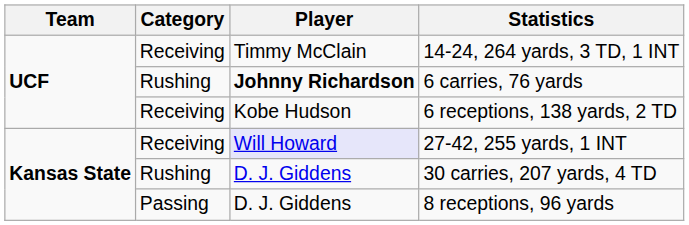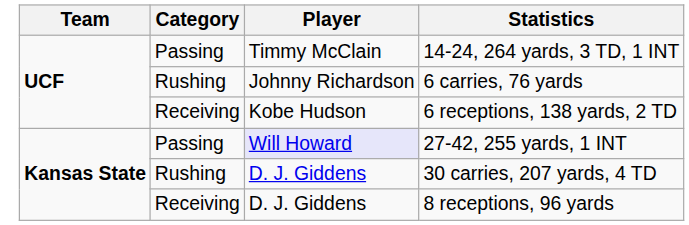 <table class="wikitable" style="float: right;">
 <tr>
 <th>Team</th>
 <th>Category</th>
 <th>Player</th>
 <th>Statistics</th>
 </tr>
 <tr>
 <td rowspan=3><strong>UCF</strong></td>
-<td>Receiving</td>
+<td>Passing</td>
 <td>Timmy McClain</td>
 <td>14-24, 264 yards, 3 TD, 1 INT</td>
 </tr>
 <tr>
 <td>Rushing</td>
-<td><strong>Johnny Richardson</strong></td>
+<td>Johnny Richardson</td>
 <td>6 carries, 76 yards</td>
 </tr>
 <tr>
 <td>Receiving</td>
 <td>Kobe Hudson</td>
 <td>6 receptions, 138 yards, 2 TD</td>
 </tr>
 <tr>
 <td rowspan=3><strong>Kansas State</strong></td>
-<td>Receiving</td>
+<td>Passing</td>
 <td style="background: lavender;"><a href='#'>Will Howard</a></td>
 <td>27-42, 255 yards, 1 INT</td>
 </tr>
 <tr>
 <td>Rushing</td>
 <td><a href='#'>D. J. Giddens</a></td>
 <td>30 carries, 207 yards, 4 TD</td>
 </tr>
 <tr>
-<td>Passing</td>
+<td>Receiving</td>
 <td>D. J. Giddens</td>
 <td>8 receptions, 96 yards</td>
 </tr>
 </table>
